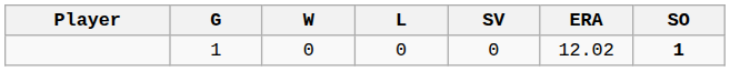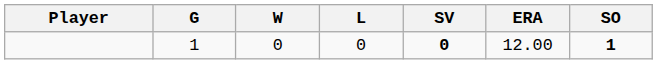 <table class="wikitable sortable">
 <tr>
 <th bgcolor="#DDDDFF" width="16%">Player</th>
 <th bgcolor="#DDDDFF" width="9%">G</th>
 <th bgcolor="#DDDDFF" width="9%">W</th>
 <th bgcolor="#DDDDFF" width="9%">L</th>
 <th bgcolor="#DDDDFF" width="9%">SV</th>
 <th bgcolor="#DDDDFF" width="9%">ERA</th>
 <th bgcolor="#DDDDFF" width="9%">SO</th>
 </tr>
 <tr align="center">
 <td></td>
 <td>1</td>
 <td>0</td>
 <td>0</td>
-<td>0</td>
-<td>12.02</td>
+<td><strong>0</strong></td>
+<td>12.00</td>
 <td><strong>1</strong></td>
 </tr>
 </table>
